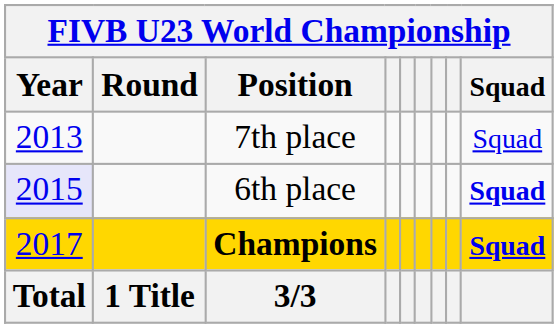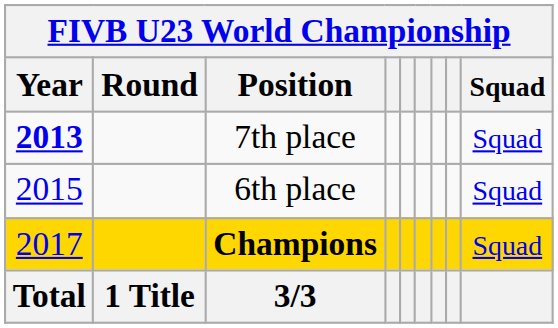 <table class="wikitable" style="text-align: center;">
 <tr>
 <th colspan=9><a href='#'>FIVB U23 World Championship</a>  </th>
 </tr>
 <tr>
 <th>Year</th>
 <th>Round</th>
 <th>Position</th>
 <th></th>
 <th></th>
 <th></th>
 <th></th>
 <th></th>
 <th><small>Squad</small></th>
 </tr>
 <tr>
-<td> <a href='#'>2013</a></td>
+<td><strong> <a href='#'>2013</a></strong></td>
 <td></td>
 <td>7th place</td>
 <td></td>
 <td></td>
 <td></td>
 <td></td>
 <td></td>
 <td><small><a href='#'>Squad</a></small></td>
 </tr>
 <tr>
-<td style="background: lavender;"> <a href='#'>2015</a></td>
+<td> <a href='#'>2015</a></td>
 <td></td>
 <td>6th place</td>
 <td></td>
 <td></td>
 <td></td>
 <td></td>
 <td></td>
-<td><strong><small><a href='#'>Squad</a></small></strong></td>
+<td><small><a href='#'>Squad</a></small></td>
 </tr>
 <tr bgcolor=gold>
 <td> <a href='#'>2017</a></td>
 <td></td>
 <td><strong>Champions</strong></td>
 <td></td>
 <td></td>
 <td></td>
 <td></td>
 <td></td>
-<td><strong><small><a href='#'>Squad</a></small></strong></td>
+<td><small><a href='#'>Squad</a></small></td>
 </tr>
 <tr>
 <th>Total</th>
 <th>1 Title</th>
 <th>3/3</th>
 <th></th>
 <th></th>
 <th></th>
 <th></th>
 <th></th>
 <th></th>
 </tr>
 </table>
